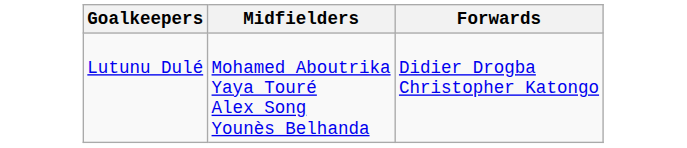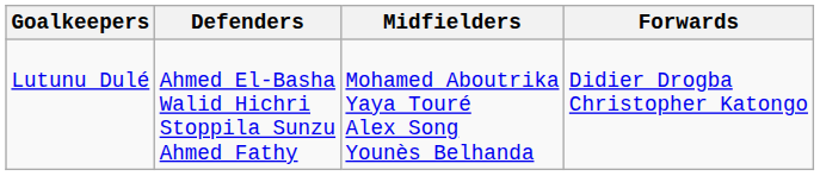 <table class="wikitable" style="margin:0 auto">
 <tr>
 <th>Goalkeepers</th>
+<th>Defenders</th>
 <th>Midfielders</th>
 <th>Forwards</th>
 </tr>
 <tr>
 <td align=left valign=top><br> <a href='#'>Lutunu Dulé</a></td>
+<td align=left valign=top><br> <a href='#'>Ahmed El-Basha</a><br>  <a href='#'>Walid Hichri</a><br>  <a href='#'>Stoppila Sunzu</a><br>  <a href='#'>Ahmed Fathy</a></td>
 <td align=left valign=top><br> <a href='#'>Mohamed Aboutrika</a><br>  <a href='#'>Yaya Touré</a><br>  <a href='#'>Alex Song</a><br>  <a href='#'>Younès Belhanda</a></td>
 <td align=left valign=top><br> <a href='#'>Didier Drogba</a><br>  <a href='#'>Christopher Katongo</a></td>
 </tr>
 </table>
